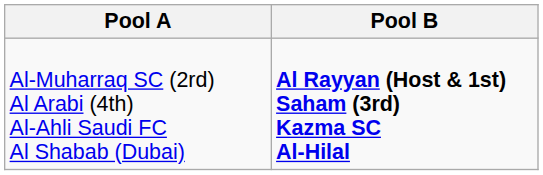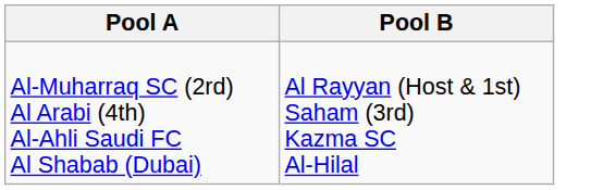 <table class="wikitable">
 <tr>
 <th width=45%>Pool A</th>
 <th width=45%>Pool B</th>
 </tr>
 <tr>
 <td valign=top><br> <a href='#'>Al-Muharraq SC</a>  (2rd)<br>  <a href='#'>Al Arabi</a> (4th)<br>  <a href='#'>Al-Ahli Saudi FC</a><br>  <a href='#'>Al Shabab (Dubai)</a></td>
-<td valign=top><strong><br> <a href='#'>Al Rayyan</a> (Host & 1st)<br>  <a href='#'>Saham</a> (3rd)<br>  <a href='#'>Kazma SC</a><br>  <a href='#'>Al-Hilal</a></strong></td>
+<td valign=top><br> <a href='#'>Al Rayyan</a> (Host & 1st)<br>  <a href='#'>Saham</a> (3rd)<br>  <a href='#'>Kazma SC</a><br>  <a href='#'>Al-Hilal</a></td>
 </tr>
 </table>
